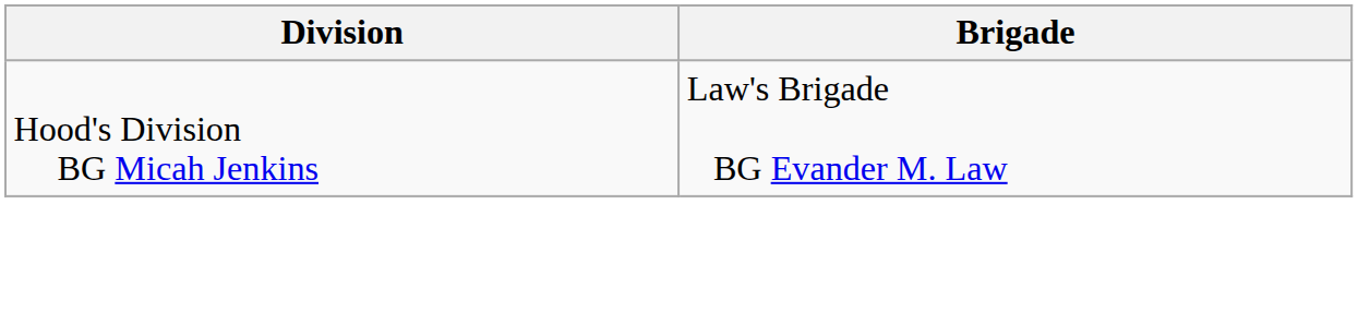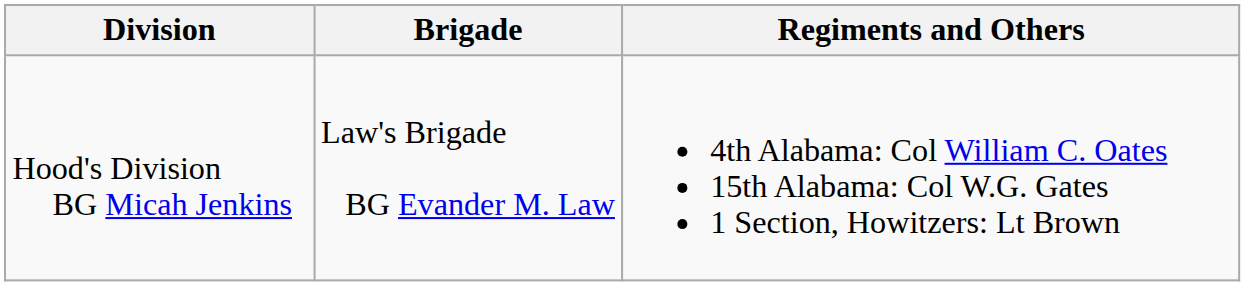 <table class="wikitable">
 <tr>
 <th width=25%>Division</th>
 <th width=25%>Brigade</th>
+<th>Regiments and Others</th>
 </tr>
 <tr>
 <td rowspan=1><br>Hood's Division <br>     BG <a href='#'>Micah Jenkins</a></td>
 <td>Law's Brigade<br><br>   BG <a href='#'>Evander M. Law</a></td>
+<td><br><ul><li>4th Alabama: Col <a href='#'>William C. Oates</a></li><li>15th Alabama: Col W.G. Gates</li><li>1 Section, Howitzers: Lt Brown</li></ul></td>
 </tr>
 </table>
